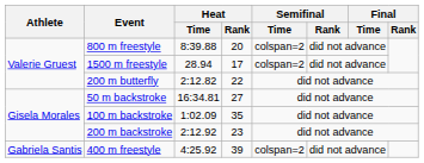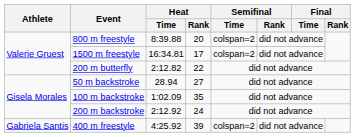 <table class=wikitable style="font-size:90%">
 <tr>
 <th rowspan="2">Athlete</th>
 <th rowspan="2">Event</th>
 <th colspan="2">Heat</th>
 <th colspan="2">Semifinal</th>
 <th colspan="2">Final</th>
 </tr>
 <tr style="font-size:95%">
 <th>Time</th>
 <th>Rank</th>
 <th>Time</th>
 <th>Rank</th>
 <th>Time</th>
 <th>Rank</th>
 </tr>
 <tr align=center>
 <td align=left rowspan=3><a href='#'>Valerie Gruest</a></td>
 <td align=left><a href='#'>800 m freestyle</a></td>
 <td>8:39.88</td>
 <td>20</td>
 <td>colspan=2 </td>
 <td colspan=2>did not advance</td>
 </tr>
 <tr align=center>
 <td align=left><a href='#'>1500 m freestyle</a></td>
-<td>28.94</td>
+<td>16:34.81</td>
 <td>17</td>
 <td>colspan=2 </td>
 <td colspan=2>did not advance</td>
 </tr>
 <tr align=center>
 <td align=left><a href='#'>200 m butterfly</a></td>
 <td>2:12.82</td>
 <td>22</td>
 <td colspan=4>did not advance</td>
 </tr>
 <tr align=center>
 <td align=left rowspan=3><a href='#'>Gisela Morales</a></td>
 <td align=left><a href='#'>50 m backstroke</a></td>
-<td>16:34.81</td>
+<td>28.94</td>
 <td>27</td>
 <td colspan=4>did not advance</td>
 </tr>
 <tr align=center>
 <td align=left><a href='#'>100 m backstroke</a></td>
 <td>1:02.09</td>
 <td>35</td>
 <td colspan=4>did not advance</td>
 </tr>
 <tr align=center>
 <td align=left><a href='#'>200 m backstroke</a></td>
 <td>2:12.92</td>
-<td>23</td>
+<td>24</td>
 <td colspan=4>did not advance</td>
 </tr>
 <tr align=center>
 <td align=left><a href='#'>Gabriela Santis</a></td>
 <td align=left><a href='#'>400 m freestyle</a></td>
 <td>4:25.92</td>
 <td>39</td>
 <td>colspan=2 </td>
 <td colspan=2>did not advance</td>
 </tr>
 </table>
